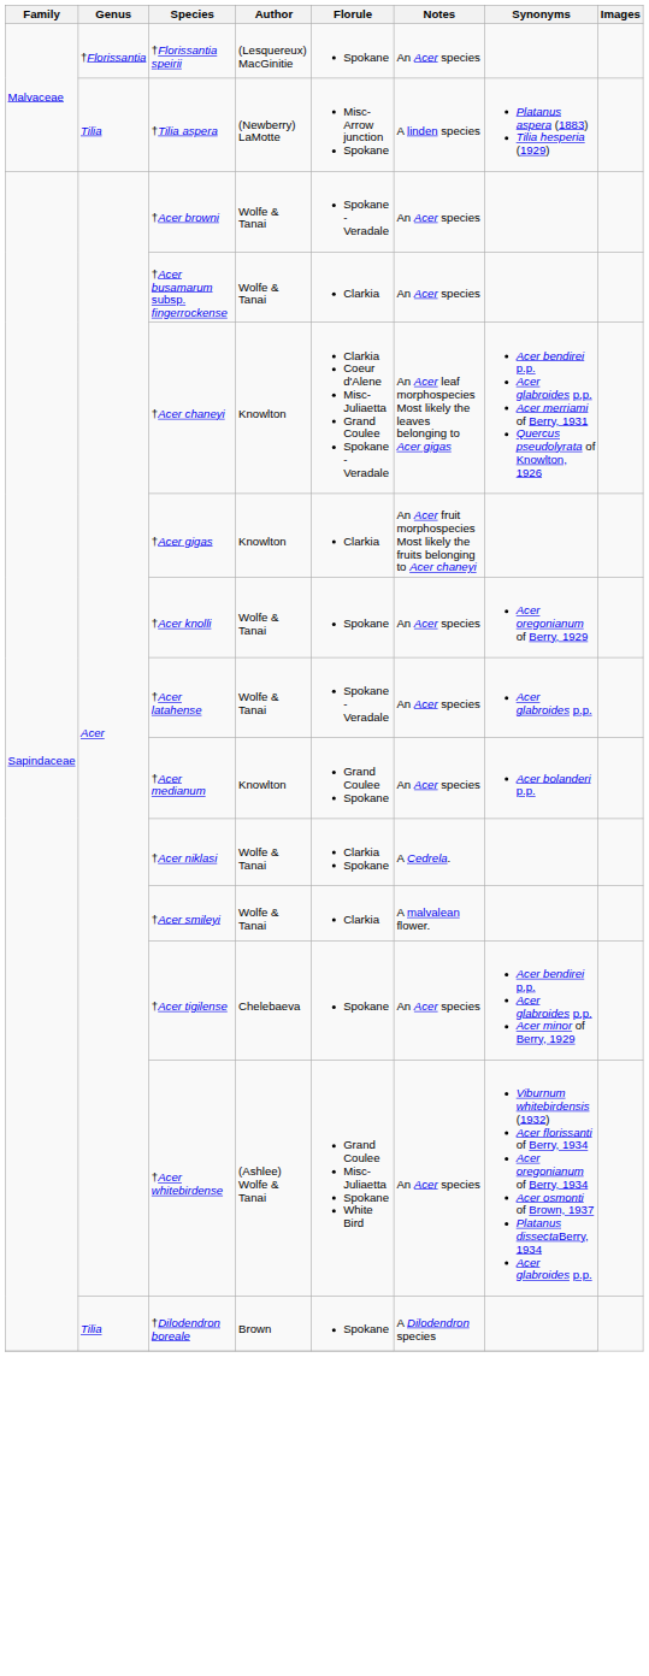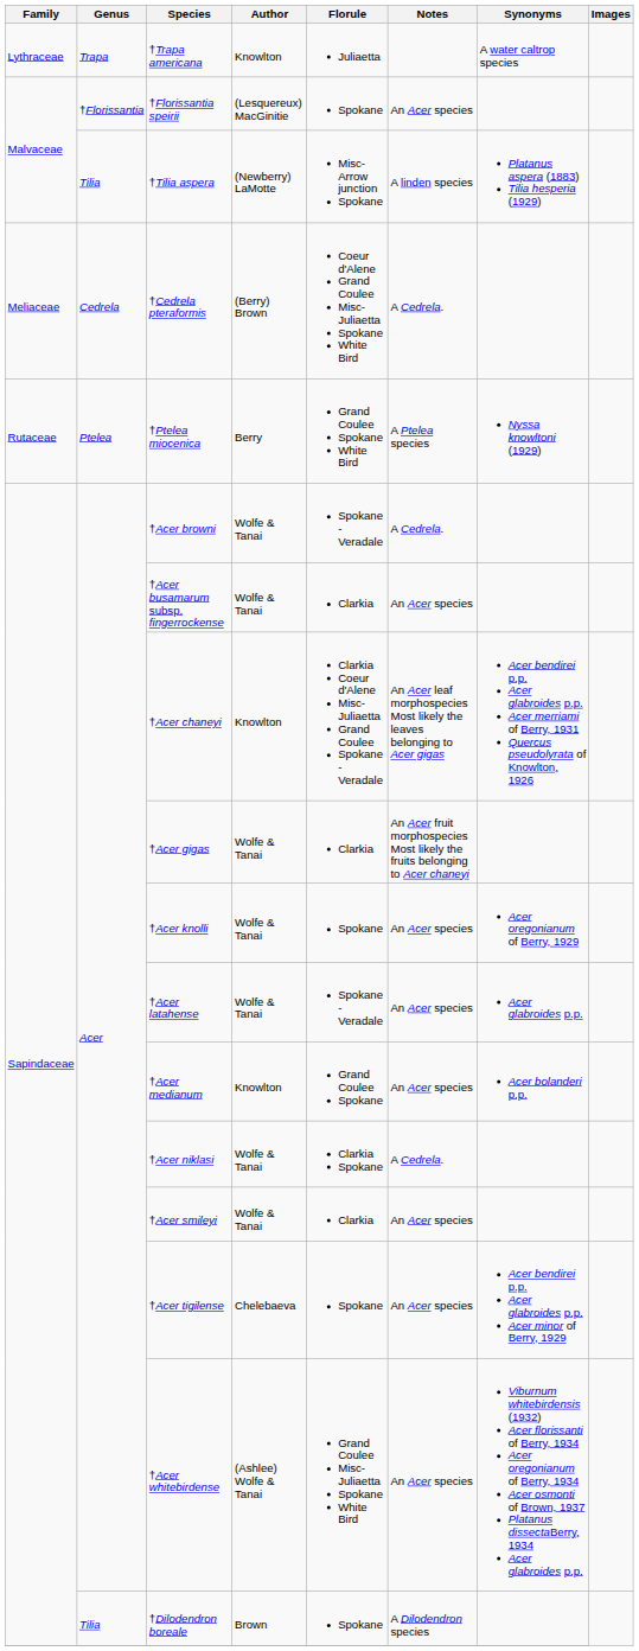 <table class="wikitable sortable mw-collapsible" style="margin:auto; width:100%">
 <tr>
 <th>Family</th>
 <th>Genus</th>
 <th>Species</th>
 <th>Author</th>
 <th>Florule</th>
 <th>Notes</th>
 <th>Synonyms</th>
 <th>Images</th>
+</tr>
+<tr>
+<td><br><a href='#'>Lythraceae</a></td>
+<td><br><em><a href='#'>Trapa</a></em></td>
+<td><br>†<em><a href='#'>Trapa americana</a></em></td>
+<td><br>Knowlton</td>
+<td><br><ul><li>Juliaetta</li></ul></td>
+<td></td>
+<td><br>A <a href='#'>water caltrop</a> species</td>
+<td><br></td>
 </tr>
 <tr>
 <td rowspan=2><a href='#'>Malvaceae</a></td>
 <td><br>†<em><a href='#'>Florissantia</a></em></td>
 <td><br>†<em><a href='#'>Florissantia speirii</a></em></td>
 <td><br>(Lesquereux) MacGinitie</td>
 <td><br><ul><li>Spokane</li></ul></td>
 <td><br>An <em><a href='#'>Acer</a></em> species</td>
 <td></td>
 <td></td>
 </tr>
 <tr>
 <td><br><em><a href='#'>Tilia</a></em></td>
 <td><br>†<em><a href='#'>Tilia aspera</a></em></td>
 <td><br>(Newberry) LaMotte</td>
 <td><br><ul><li>Misc-Arrow junction</li><li>Spokane</li></ul></td>
 <td><br>A <a href='#'>linden</a> species</td>
 <td><br><ul><li><em><a href='#'>Platanus aspera</a></em> (<a href='#'>1883</a>)</li><li><em><a href='#'>Tilia hesperia</a></em> (<a href='#'>1929</a>)</li></ul></td>
 <td><br></td>
 </tr>
 <tr>
+<td><br><a href='#'>Meliaceae</a></td>
+<td><br><em><a href='#'>Cedrela</a></em></td>
+<td><br>†<em><a href='#'>Cedrela pteraformis</a></em></td>
+<td><br>(Berry) Brown</td>
+<td><br><ul><li>Coeur d'Alene</li><li>Grand Coulee</li><li>Misc-Juliaetta</li><li>Spokane</li><li>White Bird</li></ul></td>
+<td><br>A <em><a href='#'>Cedrela</a></em>.</td>
+<td><br></td>
+<td><br></td>
+</tr>
+<tr>
+<td><br><a href='#'>Rutaceae</a></td>
+<td><br><em><a href='#'>Ptelea</a></em></td>
+<td><br>†<em><a href='#'>Ptelea miocenica</a></em></td>
+<td><br>Berry</td>
+<td><br><ul><li>Grand Coulee</li><li>Spokane</li><li>White Bird</li></ul></td>
+<td><br>A <em><a href='#'>Ptelea</a></em> species</td>
+<td><br><ul><li><em><a href='#'>Nyssa knowltoni</a></em> (<a href='#'>1929</a>)</li></ul></td>
+<td><br></td>
+</tr>
+<tr>
 <td rowspan=12><a href='#'>Sapindaceae</a></td>
 <td rowspan=11><em><a href='#'>Acer</a></em></td>
 <td><br>†<em><a href='#'>Acer browni</a></em></td>
 <td><br>Wolfe & Tanai</td>
 <td><br><ul><li>Spokane - Veradale</li></ul></td>
-<td><br>An <em><a href='#'>Acer</a></em> species</td>
+<td><br>A <em><a href='#'>Cedrela</a></em>.</td>
 <td></td>
 <td></td>
 </tr>
 <tr>
 <td><br>†<a href='#'><em>Acer busamarum</em> subsp. <em>fingerrockense</em></a></td>
 <td><br>Wolfe & Tanai</td>
 <td><br><ul><li>Clarkia</li></ul></td>
 <td><br>An <em><a href='#'>Acer</a></em> species</td>
 <td></td>
 <td></td>
 </tr>
 <tr>
 <td><br>†<em><a href='#'>Acer chaneyi</a></em></td>
 <td><br>Knowlton</td>
 <td><br><ul><li>Clarkia</li><li>Coeur d'Alene</li><li>Misc-Juliaetta</li><li>Grand Coulee</li><li>Spokane - Veradale</li></ul></td>
 <td><br>An <em><a href='#'>Acer</a></em> leaf morphospecies<br> Most likely the leaves belonging to <em><a href='#'>Acer gigas</a></em></td>
 <td><br><ul><li><em><a href='#'>Acer bendirei</a></em> <a href='#'>p.p.</a></li><li><em><a href='#'>Acer glabroides</a></em> <a href='#'>p.p.</a></li><li><em><a href='#'>Acer merriami</a></em> of <a href='#'>Berry, 1931</a></li><li><em><a href='#'>Quercus pseudolyrata</a></em> of <a href='#'>Knowlton, 1926</a></li></ul></td>
 <td><br></td>
 </tr>
 <tr>
 <td><br>†<em><a href='#'>Acer gigas</a></em></td>
-<td><br>Knowlton</td>
+<td><br>Wolfe & Tanai</td>
 <td><br><ul><li>Clarkia</li></ul></td>
 <td><br>An <em><a href='#'>Acer</a></em> fruit morphospecies<br>Most likely the fruits belonging to <em><a href='#'>Acer chaneyi</a></em></td>
 <td></td>
 </tr>
 <tr>
 <td><br>†<em><a href='#'>Acer knolli</a></em></td>
 <td><br>Wolfe & Tanai</td>
 <td><br><ul><li>Spokane</li></ul></td>
 <td><br>An <em><a href='#'>Acer</a></em> species</td>
 <td><br><ul><li><em><a href='#'>Acer oregonianum</a></em> of <a href='#'>Berry, 1929</a></li></ul></td>
 <td><br></td>
 </tr>
 <tr>
 <td><br>†<em><a href='#'>Acer latahense</a></em></td>
 <td><br>Wolfe & Tanai</td>
 <td><br><ul><li>Spokane - Veradale</li></ul></td>
 <td><br>An <em><a href='#'>Acer</a></em> species</td>
 <td><br><ul><li><em><a href='#'>Acer glabroides</a></em> <a href='#'>p.p.</a></li></ul></td>
 <td></td>
 </tr>
 <tr>
 <td><br>†<em><a href='#'>Acer medianum</a></em></td>
 <td><br>Knowlton</td>
 <td><br><ul><li>Grand Coulee</li><li>Spokane</li></ul></td>
 <td><br>An <em><a href='#'>Acer</a></em> species</td>
 <td><br><ul><li><em><a href='#'>Acer bolanderi</a></em> <a href='#'>p.p.</a></li></ul></td>
 <td></td>
 </tr>
 <tr>
 <td><br>†<em><a href='#'>Acer niklasi</a></em></td>
 <td><br>Wolfe & Tanai</td>
 <td><br><ul><li>Clarkia</li><li>Spokane</li></ul></td>
 <td><br>A <em><a href='#'>Cedrela</a></em>.</td>
 <td></td>
 <td></td>
 </tr>
 <tr>
 <td><br>†<em><a href='#'>Acer smileyi</a></em></td>
 <td><br>Wolfe & Tanai</td>
 <td><br><ul><li>Clarkia</li></ul></td>
-<td><br>A <a href='#'>malvalean</a> flower.</td>
+<td><br>An <em><a href='#'>Acer</a></em> species</td>
 <td></td>
 <td></td>
 </tr>
 <tr>
 <td><br>†<em><a href='#'>Acer tigilense</a></em></td>
 <td><br>Chelebaeva</td>
 <td><br><ul><li>Spokane</li></ul></td>
 <td><br>An <em><a href='#'>Acer</a></em> species</td>
 <td><br><ul><li><em><a href='#'>Acer bendirei</a></em> <a href='#'>p.p.</a></li><li><em><a href='#'>Acer glabroides</a></em> <a href='#'>p.p.</a></li><li><em><a href='#'>Acer minor</a></em> of <a href='#'>Berry, 1929</a></li></ul></td>
 <td><br></td>
 </tr>
 <tr>
 <td><br>†<em><a href='#'>Acer whitebirdense</a></em></td>
 <td><br>(Ashlee) Wolfe & Tanai</td>
 <td><br><ul><li>Grand Coulee</li><li>Misc-Juliaetta</li><li>Spokane</li><li>White Bird</li></ul></td>
 <td><br>An <em><a href='#'>Acer</a></em> species</td>
 <td><br><ul><li><em><a href='#'>Viburnum whitebirdensis</a></em> (<a href='#'>1932</a>)</li><li><em><a href='#'>Acer florissanti</a></em> of <a href='#'>Berry, 1934</a></li><li><em><a href='#'>Acer oregonianum</a></em> of <a href='#'>Berry, 1934</a></li><li><em><a href='#'>Acer osmonti</a></em> of <a href='#'>Brown, 1937</a></li><li><em><a href='#'>Platanus dissecta</a></em><a href='#'>Berry, 1934</a></li><li><em><a href='#'>Acer glabroides</a></em> <a href='#'>p.p.</a></li></ul></td>
 <td></td>
 </tr>
 <tr>
 <td><br><em><a href='#'>Tilia</a></em></td>
 <td><br>†<em><a href='#'>Dilodendron boreale</a></em></td>
 <td><br>Brown</td>
 <td><br><ul><li>Spokane</li></ul></td>
 <td><br>A <em><a href='#'>Dilodendron</a></em> species</td>
 <td></td>
 </tr>
 <tr>
 </tr>
 </table>
